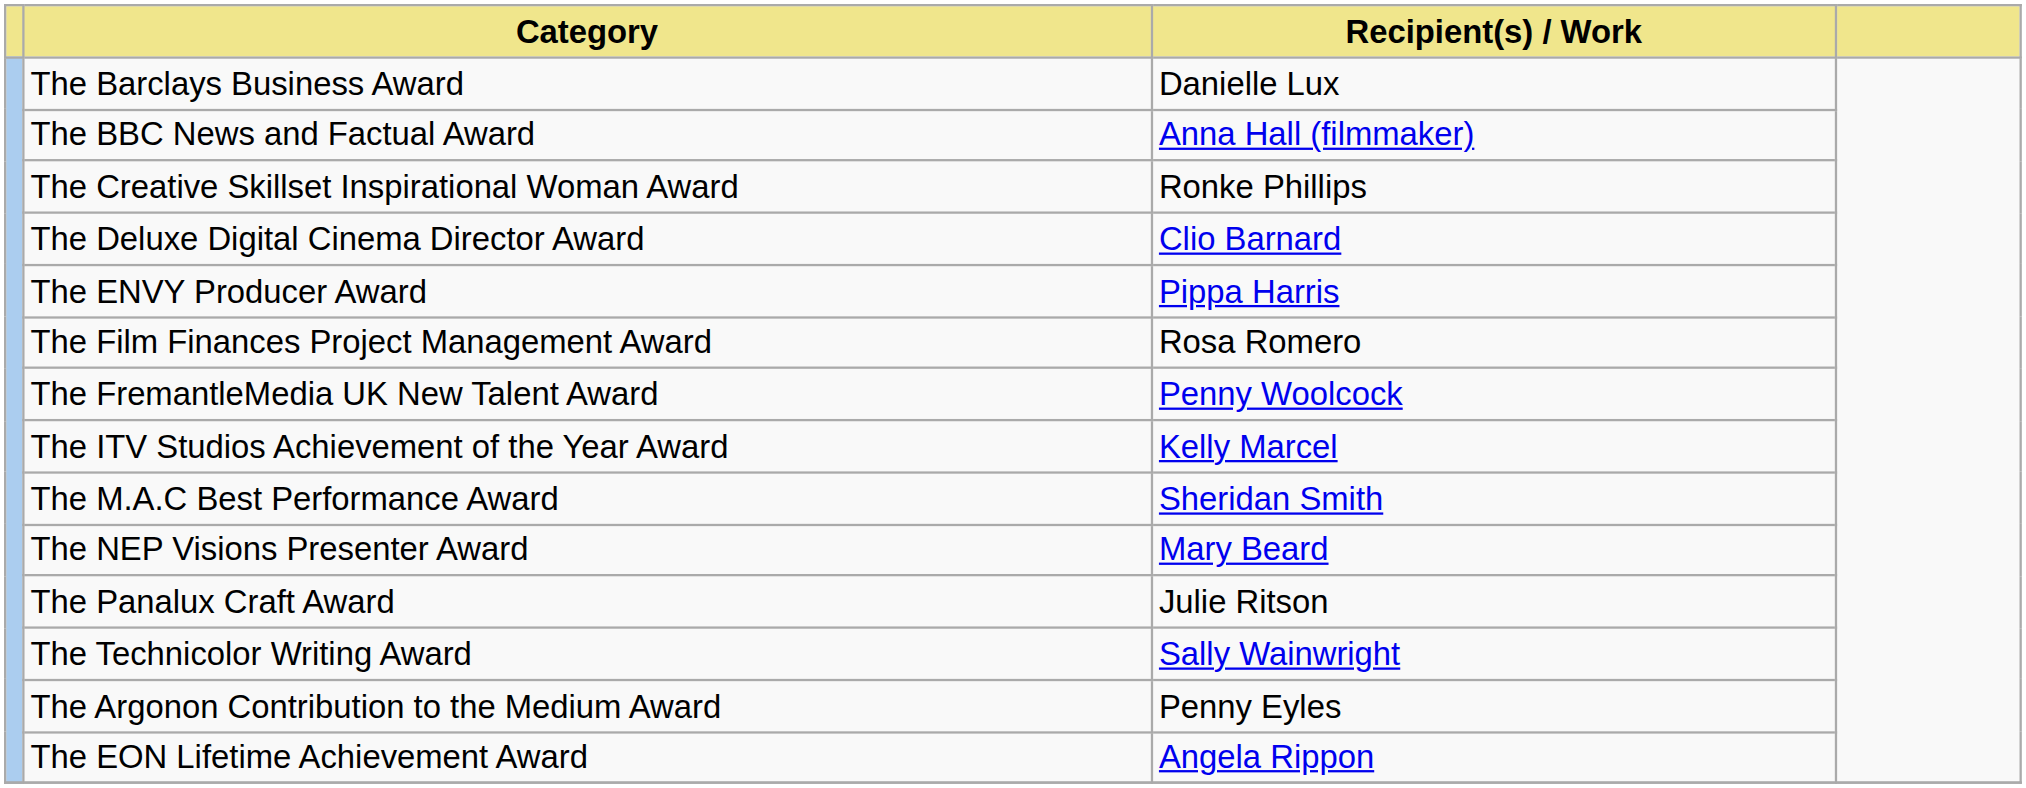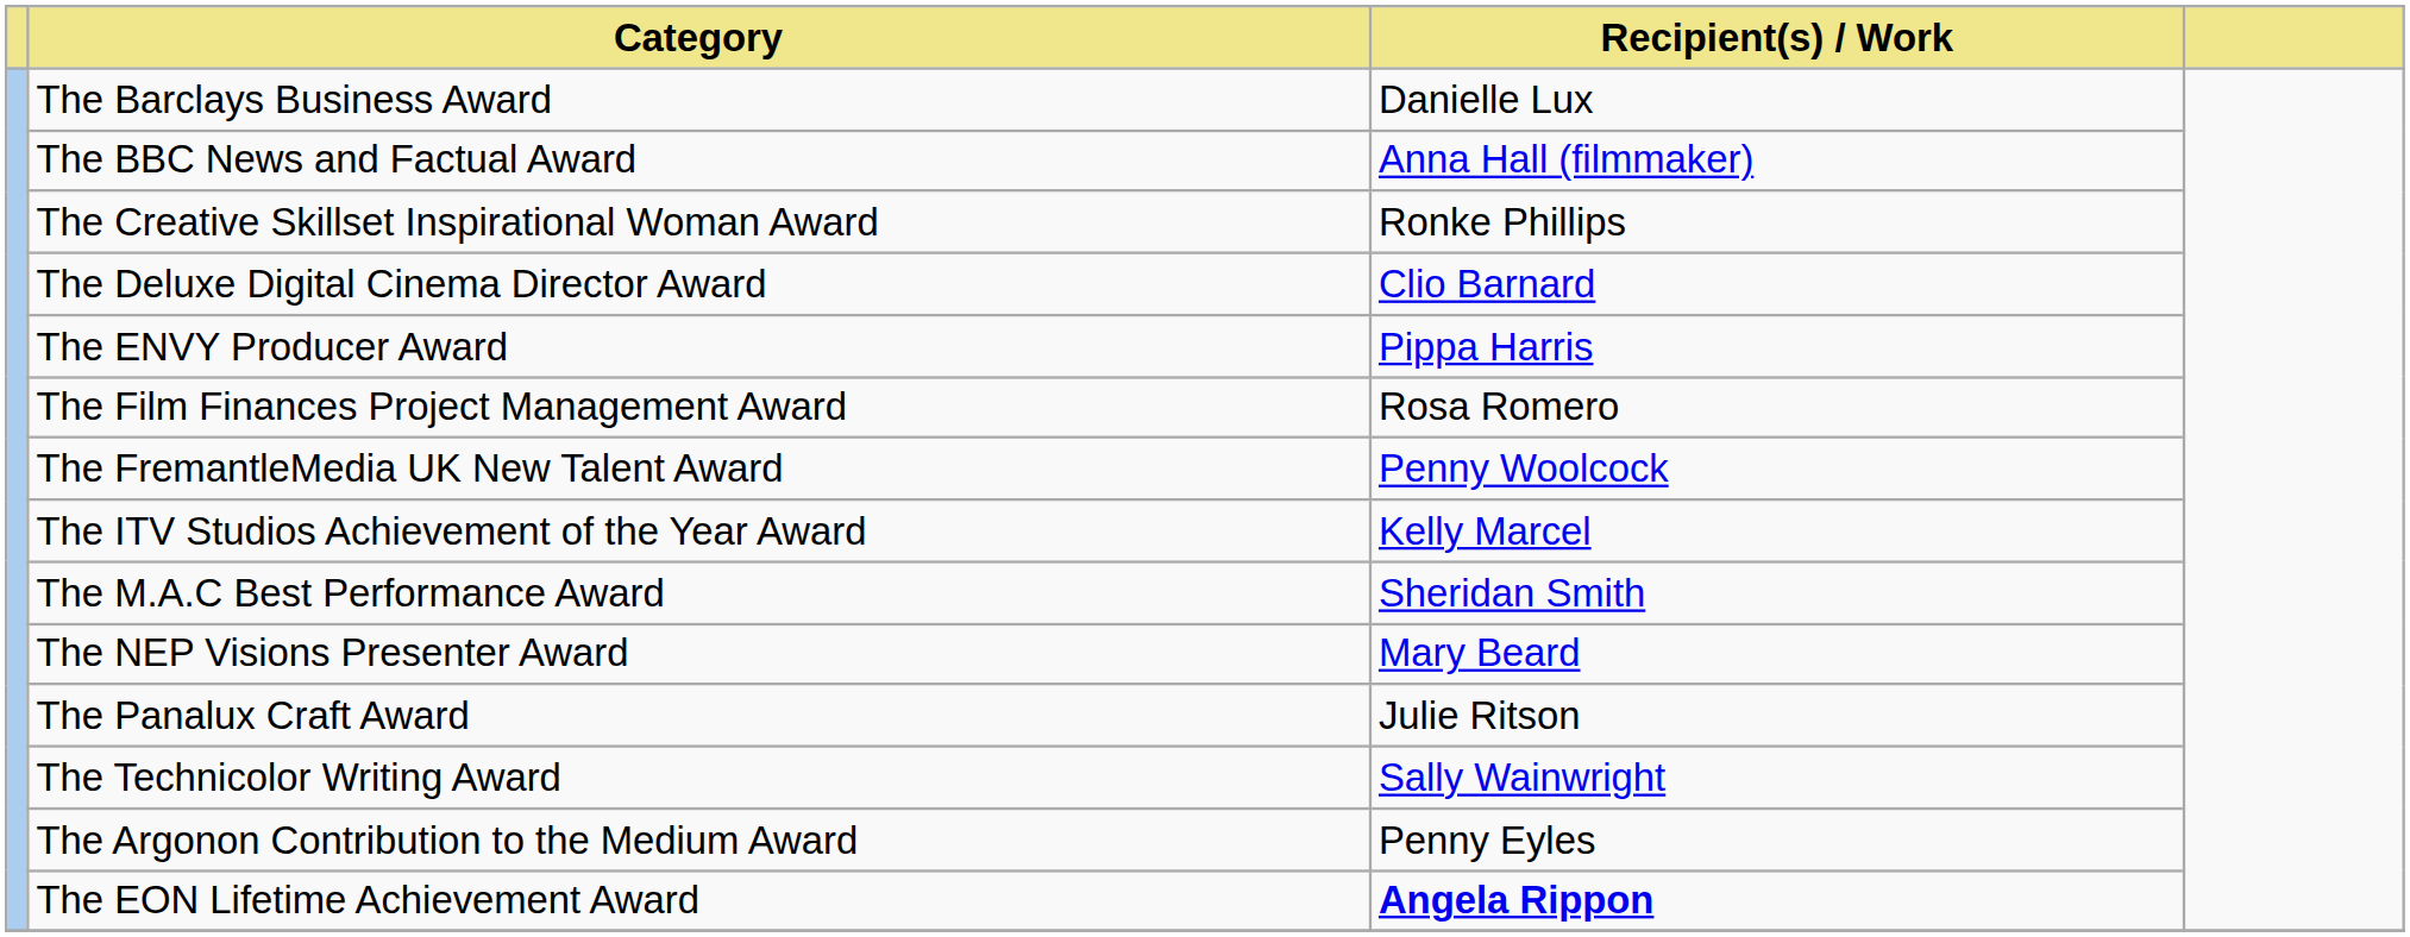 <table class="wikitable" width="70%" scope="col" style="text-align: left; font-size: 90%">
 <tr col>
 <th style="background:#F0E68C" width="1px"></th>
 <th style="background:#F0E68C" width="56%">Category</th>
 <th style="background:#F0E68C" width="34%">Recipient(s) / Work</th>
 <th style="background:#F0E68C" scope="col" class="unsortable"></th>
 </tr>
 <tr>
 <td style="background: #abcdef;" rowspan="14"></td>
 <td scope="col" style="align:left">The Barclays Business Award</td>
 <td>Danielle Lux</td>
 <td rowspan="14"></td>
 </tr>
 <tr>
 <td>The BBC News and Factual Award</td>
 <td><a href='#'>Anna Hall (filmmaker)</a></td>
 </tr>
 <tr>
 <td>The Creative Skillset Inspirational Woman Award</td>
 <td>Ronke Phillips</td>
 </tr>
 <tr>
 <td>The Deluxe Digital Cinema Director Award</td>
 <td><a href='#'>Clio Barnard</a></td>
 </tr>
 <tr>
 <td>The ENVY Producer Award</td>
 <td><a href='#'>Pippa Harris</a></td>
 </tr>
 <tr>
 <td>The Film Finances Project Management Award</td>
 <td>Rosa Romero</td>
 </tr>
 <tr>
 <td>The FremantleMedia UK New Talent Award</td>
 <td><a href='#'>Penny Woolcock</a></td>
 </tr>
 <tr>
 <td>The ITV Studios Achievement of the Year Award</td>
 <td><a href='#'>Kelly Marcel</a></td>
 </tr>
 <tr>
 <td>The M.A.C Best Performance Award</td>
 <td><a href='#'>Sheridan Smith</a></td>
 </tr>
 <tr>
 <td>The NEP Visions Presenter Award</td>
 <td><a href='#'>Mary Beard</a></td>
 </tr>
 <tr>
 <td>The Panalux Craft Award</td>
 <td>Julie Ritson</td>
 </tr>
 <tr>
 <td>The Technicolor Writing Award</td>
 <td><a href='#'>Sally Wainwright</a></td>
 </tr>
 <tr>
 <td>The Argonon Contribution to the Medium Award</td>
 <td>Penny Eyles</td>
 </tr>
 <tr>
 <td>The EON Lifetime Achievement Award</td>
-<td><a href='#'>Angela Rippon</a></td>
+<td><strong><a href='#'>Angela Rippon</a></strong></td>
 </tr>
 <tr>
 </tr>
 </table>
